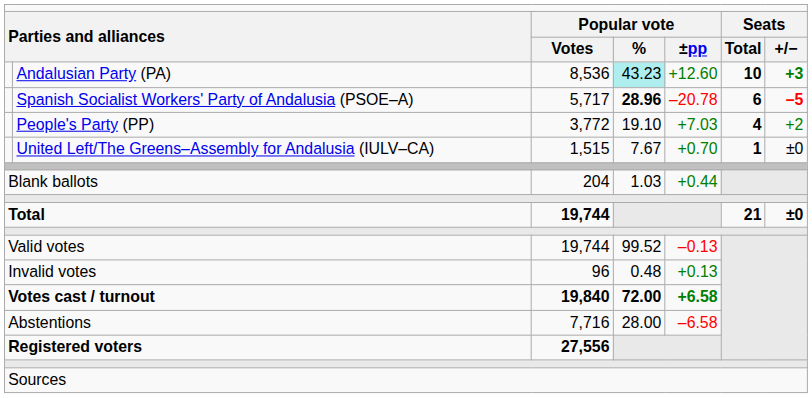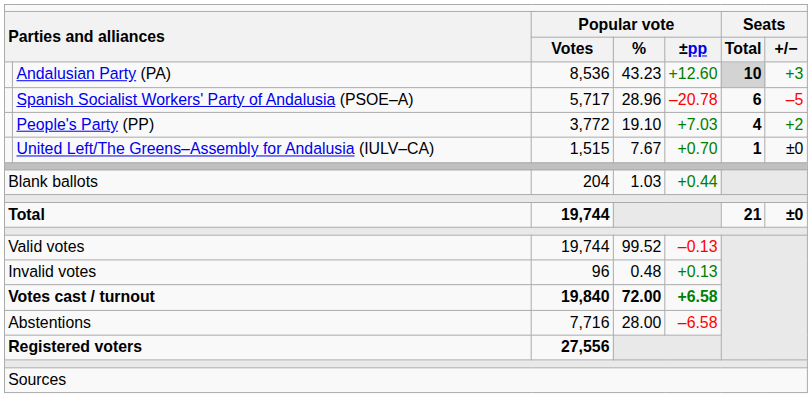 <table class="wikitable" style="text-align:right;">
 <tr>
 <td colspan="7"></td>
 </tr>
 <tr>
 <th style="text-align:left;" rowspan="2" colspan="2" width="525">Parties and alliances</th>
 <th colspan="3">Popular vote</th>
 <th colspan="2">Seats</th>
 </tr>
 <tr>
 <th width="75">Votes</th>
 <th width="45">%</th>
 <th width="45">±<a href='#'>pp</a></th>
 <th width="35">Total</th>
 <th width="35">+/−</th>
 </tr>
 <tr>
 <td width="1" style="color:inherit;background:"></td>
 <td align="left"><a href='#'>Andalusian Party</a> (PA)</td>
 <td>8,536</td>
-<td style="background: paleturquoise;">43.23</td>
+<td>43.23</td>
 <td style="color:green;">+12.60</td>
-<td><strong>10</strong></td>
-<td style="color:green;"><strong>+3</strong></td>
+<td style="background: lightgrey;"><strong>10</strong></td>
+<td style="color:green;">+3</td>
 </tr>
 <tr>
 <td style="color:inherit;background:"></td>
 <td align="left"><a href='#'>Spanish Socialist Workers' Party of Andalusia</a> (PSOE–A)</td>
 <td>5,717</td>
-<td><strong>28.96</strong></td>
+<td>28.96</td>
 <td style="color:red;">–20.78</td>
 <td><strong>6</strong></td>
-<td style="color:red;"><strong>–5</strong></td>
+<td style="color:red;">–5</td>
 </tr>
 <tr>
 <td style="color:inherit;background:"></td>
 <td align="left"><a href='#'>People's Party</a> (PP)</td>
 <td>3,772</td>
 <td>19.10</td>
 <td style="color:green;">+7.03</td>
 <td><strong>4</strong></td>
 <td style="color:green;">+2</td>
 </tr>
 <tr>
 <td style="color:inherit;background:"></td>
 <td align="left"><a href='#'>United Left/The Greens–Assembly for Andalusia</a> (IULV–CA)</td>
 <td>1,515</td>
 <td>7.67</td>
 <td style="color:green;">+0.70</td>
 <td><strong>1</strong></td>
 <td>±0</td>
 </tr>
 <tr>
 <td colspan="7" bgcolor="#C0C0C0"></td>
 </tr>
 <tr>
 <td align="left" colspan="2">Blank ballots</td>
 <td>204</td>
 <td>1.03</td>
 <td style="color:green;">+0.44</td>
 <td bgcolor="#E9E9E9" colspan="2"></td>
 </tr>
 <tr>
 <td colspan="7" bgcolor="#E9E9E9"></td>
 </tr>
 <tr style="font-weight:bold;">
 <td align="left" colspan="2">Total</td>
 <td>19,744</td>
 <td bgcolor="#E9E9E9" colspan="2"></td>
 <td>21</td>
 <td>±0</td>
 </tr>
 <tr>
 <td colspan="7" bgcolor="#E9E9E9"></td>
 </tr>
 <tr>
 <td align="left" colspan="2">Valid votes</td>
 <td>19,744</td>
 <td>99.52</td>
 <td style="color:red;">–0.13</td>
 <td bgcolor="#E9E9E9" colspan="2" rowspan="5"></td>
 </tr>
 <tr>
 <td align="left" colspan="2">Invalid votes</td>
 <td>96</td>
 <td>0.48</td>
 <td style="color:green;">+0.13</td>
 </tr>
 <tr style="font-weight:bold;">
 <td align="left" colspan="2">Votes cast / turnout</td>
 <td>19,840</td>
 <td>72.00</td>
 <td style="color:green;">+6.58</td>
 </tr>
 <tr>
 <td align="left" colspan="2">Abstentions</td>
 <td>7,716</td>
 <td>28.00</td>
 <td style="color:red;">–6.58</td>
 </tr>
 <tr style="font-weight:bold;">
 <td align="left" colspan="2">Registered voters</td>
 <td>27,556</td>
 <td bgcolor="#E9E9E9" colspan="2"></td>
 </tr>
 <tr>
 <td colspan="7" bgcolor="#E9E9E9"></td>
 </tr>
 <tr>
 <td align="left" colspan="7">Sources</td>
 </tr>
 </table>
